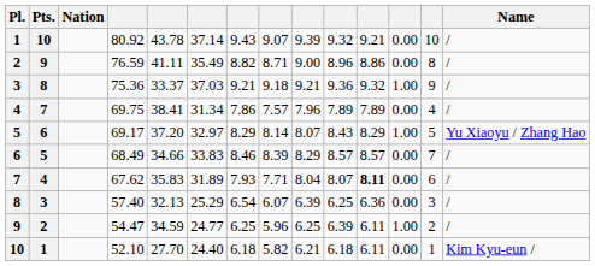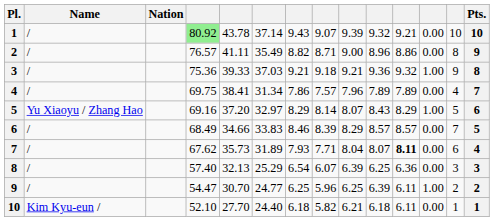 <table class="wikitable sortable" style="text-align:center">
 <tr>
 <th>Pl.</th>
-<th>Pts.</th>
+<th>Name</th>
 <th>Nation</th>
 <th></th>
 <th></th>
 <th></th>
 <th></th>
 <th></th>
 <th></th>
 <th></th>
 <th></th>
 <th></th>
 <th></th>
-<th>Name</th>
+<th>Pts.</th>
 </tr>
 <tr>
 <th>1</th>
-<th>10</th>
+<td align=left> / </td>
 <td align=left></td>
-<td>80.92</td>
+<td style="background: lightgreen;">80.92</td>
 <td>43.78</td>
 <td>37.14</td>
 <td>9.43</td>
 <td>9.07</td>
 <td>9.39</td>
 <td>9.32</td>
 <td>9.21</td>
 <td>0.00</td>
 <td>10</td>
-<td align=left> / </td>
+<th>10</th>
 </tr>
 <tr>
 <th>2</th>
-<th>9</th>
+<td align=left> / </td>
 <td align=left></td>
-<td>76.59</td>
+<td>76.57</td>
 <td>41.11</td>
 <td>35.49</td>
 <td>8.82</td>
 <td>8.71</td>
 <td>9.00</td>
 <td>8.96</td>
 <td>8.86</td>
 <td>0.00</td>
 <td>8</td>
-<td align=left> / </td>
+<th>9</th>
 </tr>
 <tr>
 <th>3</th>
-<th>8</th>
+<td align=left> / </td>
 <td align=left></td>
 <td>75.36</td>
-<td>33.37</td>
+<td>39.33</td>
 <td>37.03</td>
 <td>9.21</td>
 <td>9.18</td>
 <td>9.21</td>
 <td>9.36</td>
 <td>9.32</td>
 <td>1.00</td>
 <td>9</td>
-<td align=left> / </td>
+<th>8</th>
 </tr>
 <tr>
 <th>4</th>
-<th>7</th>
+<td align=left> / </td>
 <td align=left></td>
 <td>69.75</td>
 <td>38.41</td>
 <td>31.34</td>
 <td>7.86</td>
 <td>7.57</td>
 <td>7.96</td>
 <td>7.89</td>
 <td>7.89</td>
 <td>0.00</td>
 <td>4</td>
-<td align=left> / </td>
+<th>7</th>
 </tr>
 <tr>
 <th>5</th>
-<th>6</th>
+<td align=left><a href='#'>Yu Xiaoyu</a> / <a href='#'>Zhang Hao</a></td>
 <td align=left></td>
-<td>69.17</td>
+<td>69.16</td>
 <td>37.20</td>
 <td>32.97</td>
 <td>8.29</td>
 <td>8.14</td>
 <td>8.07</td>
 <td>8.43</td>
 <td>8.29</td>
 <td>1.00</td>
 <td>5</td>
-<td align=left><a href='#'>Yu Xiaoyu</a> / <a href='#'>Zhang Hao</a></td>
+<th>6</th>
 </tr>
 <tr>
 <th>6</th>
-<th>5</th>
+<td align=left> / </td>
 <td align=left></td>
 <td>68.49</td>
 <td>34.66</td>
 <td>33.83</td>
 <td>8.46</td>
 <td>8.39</td>
 <td>8.29</td>
 <td>8.57</td>
 <td>8.57</td>
 <td>0.00</td>
 <td>7</td>
-<td align=left> / </td>
+<th>5</th>
 </tr>
 <tr>
 <th>7</th>
-<th>4</th>
+<td align=left> / </td>
 <td align=left></td>
 <td>67.62</td>
-<td>35.83</td>
+<td>35.73</td>
 <td>31.89</td>
 <td>7.93</td>
 <td>7.71</td>
 <td>8.04</td>
 <td>8.07</td>
 <td><strong>8.11</strong></td>
 <td>0.00</td>
 <td>6</td>
-<td align=left> / </td>
+<th>4</th>
 </tr>
 <tr>
 <th>8</th>
-<th>3</th>
+<td align=left> / </td>
 <td align=left></td>
 <td>57.40</td>
 <td>32.13</td>
 <td>25.29</td>
 <td>6.54</td>
 <td>6.07</td>
 <td>6.39</td>
 <td>6.25</td>
 <td>6.36</td>
 <td>0.00</td>
 <td>3</td>
-<td align=left> / </td>
+<th>3</th>
 </tr>
 <tr>
 <th>9</th>
-<th>2</th>
+<td align=left> / </td>
 <td align=left></td>
 <td>54.47</td>
-<td>34.59</td>
+<td>30.70</td>
 <td>24.77</td>
 <td>6.25</td>
 <td>5.96</td>
 <td>6.25</td>
 <td>6.39</td>
 <td>6.11</td>
 <td>1.00</td>
 <td>2</td>
-<td align=left> / </td>
+<th>2</th>
 </tr>
 <tr>
 <th>10</th>
-<th>1</th>
+<td align=left><a href='#'>Kim Kyu-eun</a> / </td>
 <td align=left></td>
 <td>52.10</td>
 <td>27.70</td>
 <td>24.40</td>
 <td>6.18</td>
 <td>5.82</td>
 <td>6.21</td>
 <td>6.18</td>
 <td>6.11</td>
 <td>0.00</td>
 <td>1</td>
-<td align=left><a href='#'>Kim Kyu-eun</a> / </td>
+<th>1</th>
 </tr>
 </table>
